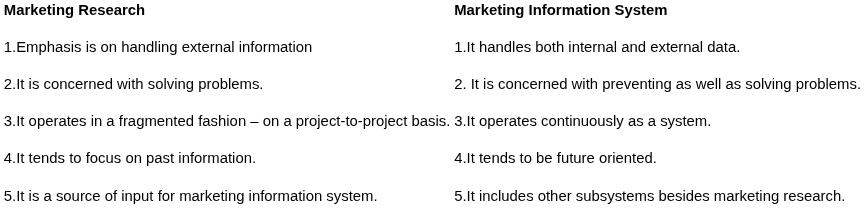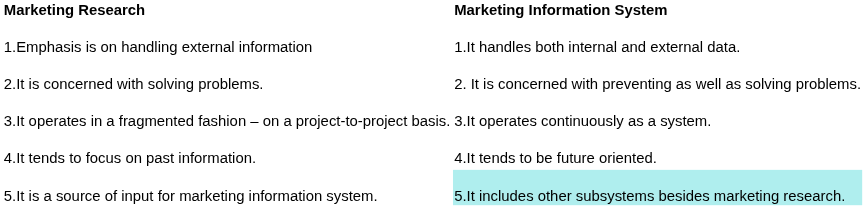 <table class="MsoTableGrid">
 <tr>
 <td><br><strong>Marketing Research</strong></td>
 <td><br><strong>Marketing Information System</strong></td>
 </tr>
 <tr>
 <td><br>1.Emphasis is on handling external information</td>
 <td><br>1.It handles both internal and external data.</td>
 </tr>
 <tr>
 <td><br>2.It is concerned with solving problems.</td>
 <td><br>2. It is concerned with preventing as  well as solving problems.</td>
 </tr>
 <tr>
 <td><br>3.It operates in a fragmented fashion – on a project-to-project basis.</td>
 <td><br>3.It operates continuously as a system.</td>
 </tr>
 <tr>
 <td><br>4.It tends to focus on past information.</td>
 <td><br>4.It tends to be future oriented.</td>
 </tr>
 <tr>
 <td><br>5.It is a source of input for marketing information system.</td>
-<td><br>5.It includes other subsystems besides marketing research.</td>
+<td style="background: paleturquoise;"><br>5.It includes other subsystems besides marketing research.</td>
 </tr>
 </table>
